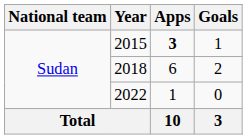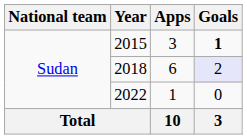 <table class="wikitable" style="text-align:center">
 <tr>
 <th>National team</th>
 <th>Year</th>
 <th>Apps</th>
 <th>Goals</th>
 </tr>
 <tr>
 <td rowspan="3"><a href='#'>Sudan</a></td>
 <td>2015</td>
-<td><strong>3</strong></td>
-<td>1</td>
+<td>3</td>
+<td><strong>1</strong></td>
 </tr>
 <tr>
 <td>2018</td>
 <td>6</td>
-<td>2</td>
+<td style="background: lavender;">2</td>
 </tr>
 <tr>
 <td>2022</td>
 <td>1</td>
 <td>0</td>
 </tr>
 <tr>
 <th colspan=2>Total</th>
 <th>10</th>
 <th>3</th>
 </tr>
 </table>
